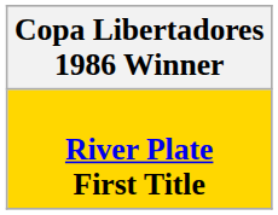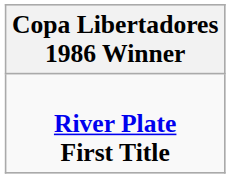 <table class="wikitable" style="text-align: center; margin: 0 auto;">
 <tr>
 <th>Copa Libertadores<br>1986 Winner</th>
 </tr>
 <tr>
-<td style="background: gold;"><br><strong><a href='#'>River Plate</a></strong><br><strong>First Title</strong></td>
+<td><br><strong><a href='#'>River Plate</a></strong><br><strong>First Title</strong></td>
 </tr>
 </table>
